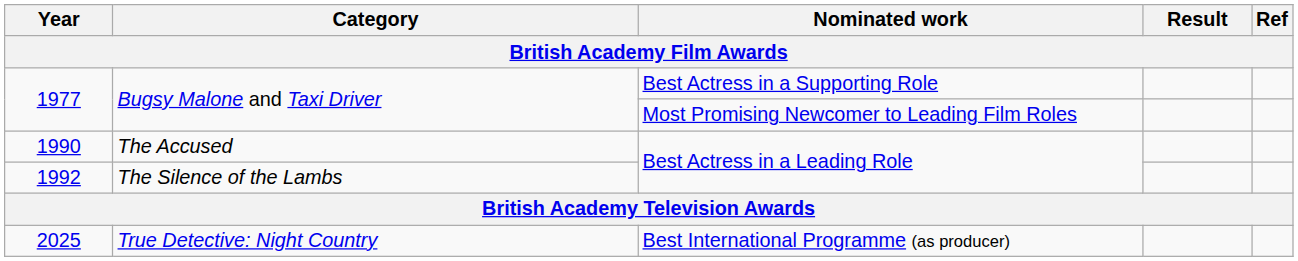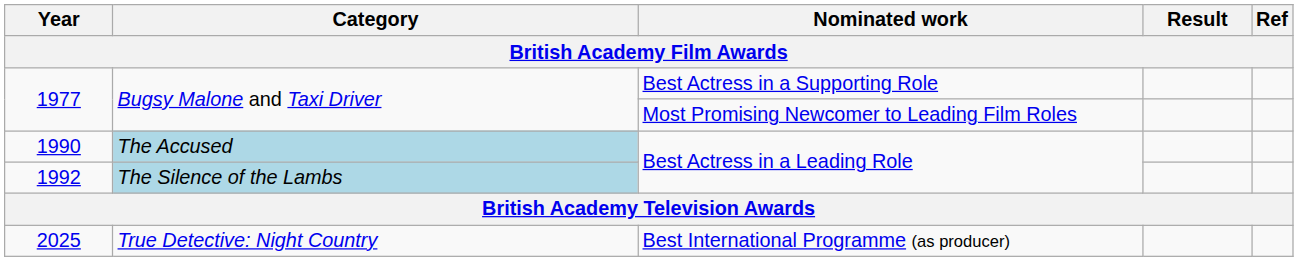 <table class=wikitable>
 <tr>
 <th scope="col" style="width:5em;">Year</th>
 <th scope="col" style="width:26em;">Category</th>
 <th scope="col" style="width:25em;">Nominated work</th>
 <th scope="col" style="width:5em;">Result</th>
 <th>Ref</th>
 </tr>
 <tr>
 <th colspan=9><a href='#'>British Academy Film Awards</a></th>
 </tr>
 <tr>
 <td rowspan=2 style="text-align:center;"><a href='#'>1977</a></td>
 <td rowspan=2><em><a href='#'>Bugsy Malone</a></em> and <em><a href='#'>Taxi Driver</a></em></td>
 <td><a href='#'>Best Actress in a Supporting Role</a></td>
 <td></td>
 <td></td>
 </tr>
 <tr>
 <td><a href='#'>Most Promising Newcomer to Leading Film Roles</a></td>
 <td></td>
 <td></td>
 </tr>
 <tr>
 <td style="text-align:center;"><a href='#'>1990</a></td>
-<td><em>The Accused</em></td>
+<td style="background: lightblue;"><em>The Accused</em></td>
 <td rowspan=2><a href='#'>Best Actress in a Leading Role</a></td>
 <td></td>
 <td></td>
 </tr>
 <tr>
 <td style="text-align:center;"><a href='#'>1992</a></td>
-<td><em>The Silence of the Lambs</em></td>
+<td style="background: lightblue;"><em>The Silence of the Lambs</em></td>
 <td></td>
 <td></td>
 </tr>
 <tr>
 <th colspan=9><a href='#'>British Academy Television Awards</a></th>
 </tr>
 <tr>
 <td style="text-align:center;"><a href='#'>2025</a></td>
 <td><em><a href='#'>True Detective: Night Country</a></em></td>
 <td><a href='#'>Best International Programme</a> <small>(as producer)</small></td>
 <td></td>
 <td></td>
 </tr>
 </table>
